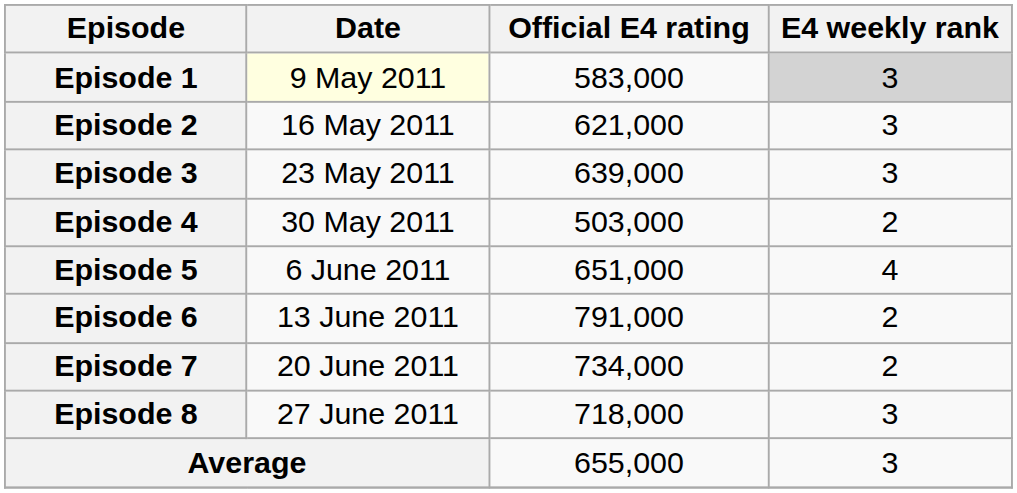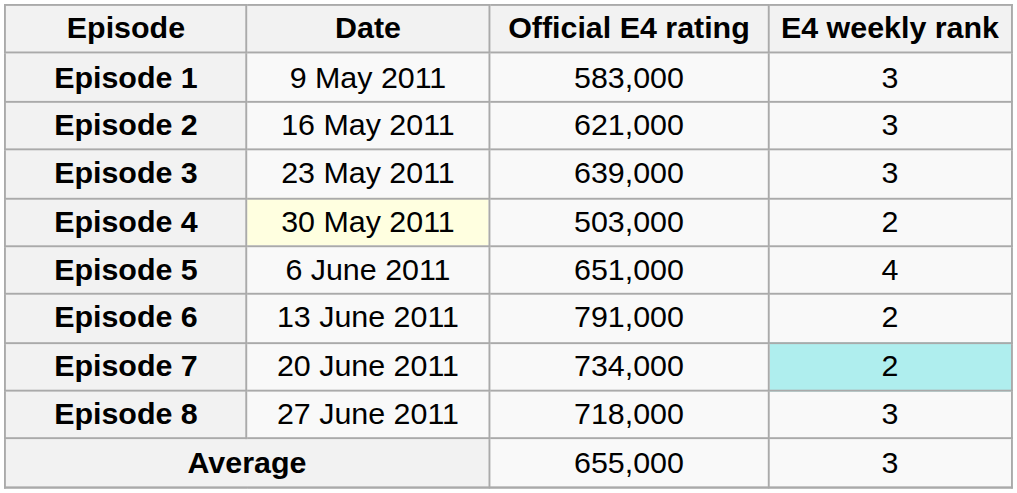 <table class="wikitable sortable" style="text-align:center">
 <tr>
 <th scope="col" style="width:120px;">Episode</th>
 <th scope="col" style="width:120px;">Date</th>
 <th scope="col" style="width:140px;">Official E4 rating</th>
 <th scope="col" style="width:120px;">E4 weekly rank</th>
 </tr>
 <tr>
 <th scope="row">Episode 1</th>
-<td style="background: lightyellow;">9 May 2011</td>
+<td>9 May 2011</td>
 <td>583,000</td>
-<td style="background: lightgrey;">3</td>
+<td>3</td>
 </tr>
 <tr>
 <th scope="row">Episode 2</th>
 <td>16 May 2011</td>
 <td>621,000</td>
 <td>3</td>
 </tr>
 <tr>
 <th scope="row">Episode 3</th>
 <td>23 May 2011</td>
 <td>639,000</td>
 <td>3</td>
 </tr>
 <tr>
 <th scope="row">Episode 4</th>
-<td>30 May 2011</td>
+<td style="background: lightyellow;">30 May 2011</td>
 <td>503,000</td>
 <td>2</td>
 </tr>
 <tr>
 <th scope="row">Episode 5</th>
 <td>6 June 2011</td>
 <td>651,000</td>
 <td>4</td>
 </tr>
 <tr>
 <th scope="row">Episode 6</th>
 <td>13 June 2011</td>
 <td>791,000</td>
 <td>2</td>
 </tr>
 <tr>
 <th scope="row">Episode 7</th>
 <td>20 June 2011</td>
 <td>734,000</td>
-<td>2</td>
+<td style="background: paleturquoise;">2</td>
 </tr>
 <tr>
 <th scope="row">Episode 8</th>
 <td>27 June 2011</td>
 <td>718,000</td>
 <td>3</td>
 </tr>
 <tr>
 <th scope="row" colspan="2">Average</th>
 <td>655,000</td>
 <td>3</td>
 </tr>
 <tr>
 </tr>
 </table>
